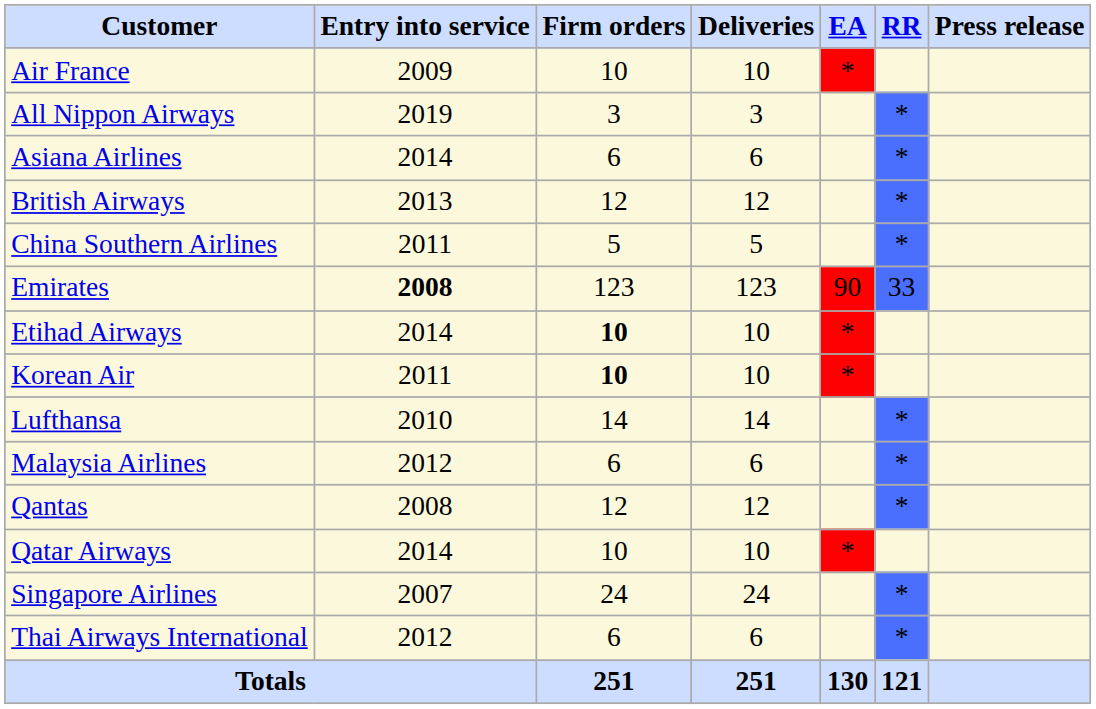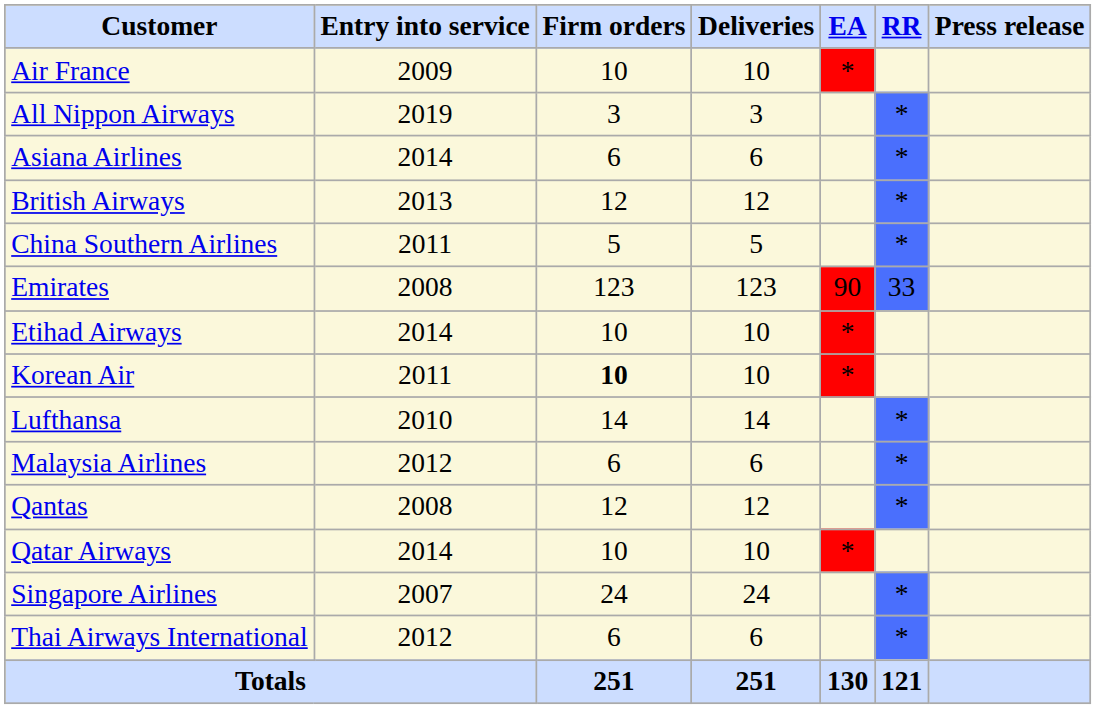 <table class="wikitable sortable" style="text-align:center; background-color:#fbf8db">
 <tr>
 <th style="background-color:#ccddff">Customer</th>
 <th style="background-color:#ccddff">Entry into service</th>
 <th style="background-color:#ccddff">Firm orders</th>
 <th style="background-color:#ccddff">Deliveries</th>
 <th style="background-color:#ccddff"><a href='#'>EA</a></th>
 <th style="background-color:#ccddff"><a href='#'>RR</a></th>
 <th class="unsortable" style="background-color:#ccddff">Press release</th>
 </tr>
 <tr>
 <td align="left"><a href='#'>Air France</a></td>
 <td>2009</td>
 <td>10</td>
 <td>10</td>
 <td style="background:red;">*</td>
 <td></td>
 <td></td>
 </tr>
 <tr>
 <td align="left"><a href='#'>All Nippon Airways</a></td>
 <td>2019</td>
 <td>3</td>
 <td>3</td>
 <td></td>
 <td style="background:#4a6ffd;">*</td>
 <td></td>
 </tr>
 <tr>
 <td align="left"><a href='#'>Asiana Airlines</a></td>
 <td>2014 </td>
 <td>6</td>
 <td>6</td>
 <td></td>
 <td style="background:#4a6ffd;">*</td>
 <td></td>
 </tr>
 <tr>
 <td align="left"><a href='#'>British Airways</a></td>
 <td>2013 </td>
 <td>12</td>
 <td>12</td>
 <td></td>
 <td style="background:#4a6ffd;">*</td>
 <td></td>
 </tr>
 <tr>
 <td align="left"><a href='#'>China Southern Airlines</a></td>
 <td>2011 </td>
 <td>5</td>
 <td>5</td>
 <td></td>
 <td style="background:#4a6ffd;">*</td>
 <td></td>
 </tr>
 <tr>
 <td align="left"><a href='#'>Emirates</a></td>
-<td><strong>2008</strong></td>
+<td>2008</td>
 <td>123</td>
 <td>123</td>
 <td style="background:red;">90</td>
 <td style="background:#4a6ffd;">33</td>
 <td></td>
 </tr>
 <tr>
 <td align="left"><a href='#'>Etihad Airways</a></td>
 <td>2014</td>
-<td><strong>10</strong></td>
+<td>10</td>
 <td>10</td>
 <td style="background:red;">*</td>
 <td></td>
 <td></td>
 </tr>
 <tr>
 <td align="left"><a href='#'>Korean Air</a></td>
 <td>2011</td>
 <td><strong>10</strong></td>
 <td>10</td>
 <td style="background:red;">*</td>
 <td></td>
 <td></td>
 </tr>
 <tr>
 <td align="left"><a href='#'>Lufthansa</a></td>
 <td>2010</td>
 <td>14</td>
 <td>14</td>
 <td></td>
 <td style="background:#4a6ffd;">*</td>
 <td></td>
 </tr>
 <tr>
 <td align="left"><a href='#'>Malaysia Airlines</a></td>
 <td>2012</td>
 <td>6</td>
 <td>6</td>
 <td></td>
 <td style="background:#4a6ffd;">*</td>
 <td></td>
 </tr>
 <tr>
 <td align="left"><a href='#'>Qantas</a></td>
 <td>2008</td>
 <td>12</td>
 <td>12</td>
 <td></td>
 <td style="background:#4a6ffd;">*</td>
 <td></td>
 </tr>
 <tr>
 <td align="left"><a href='#'>Qatar Airways</a></td>
 <td>2014 </td>
 <td>10</td>
 <td>10</td>
 <td style="background:red;">*</td>
 <td></td>
 <td></td>
 </tr>
 <tr>
 <td align="left"><a href='#'>Singapore Airlines</a></td>
 <td>2007</td>
 <td>24</td>
 <td>24</td>
 <td></td>
 <td style="background:#4a6ffd;">*</td>
 <td></td>
 </tr>
 <tr>
 <td align="left"><a href='#'>Thai Airways International</a></td>
 <td>2012</td>
 <td>6</td>
 <td>6</td>
 <td></td>
 <td style="background:#4a6ffd;">*</td>
 <td></td>
 </tr>
 <tr class="sortbottom" style="font-weight: bold; background-color:#ccddff">
 <td colspan="2">Totals</td>
 <td>251 </td>
 <td>251</td>
 <td>130  </td>
 <td>121  </td>
 <td></td>
 </tr>
 </table>
